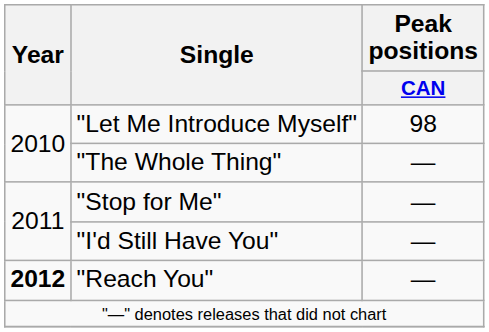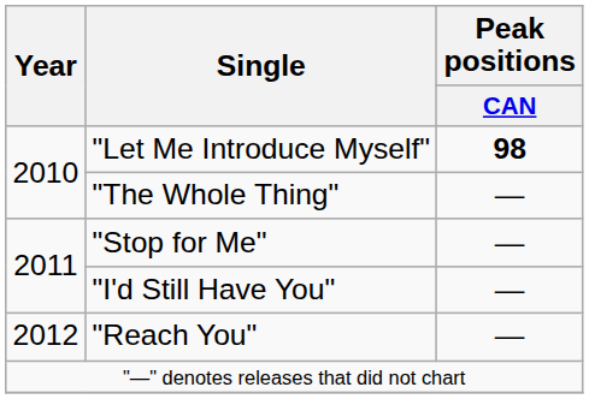 <table class="wikitable" style="text-align:center;">
 <tr>
 <th rowspan="2">Year</th>
 <th rowspan="2">Single</th>
 <th>Peak positions</th>
 </tr>
 <tr style="font-size:smaller;">
 <th width="65"><a href='#'>CAN</a></th>
 </tr>
 <tr>
 <td rowspan="2">2010</td>
 <td align="left">"Let Me Introduce Myself"</td>
-<td>98</td>
+<td><strong>98</strong></td>
 </tr>
 <tr>
 <td align="left">"The Whole Thing"</td>
 <td>—</td>
 </tr>
 <tr>
 <td rowspan="2">2011</td>
 <td align="left">"Stop for Me"</td>
 <td>—</td>
 </tr>
 <tr>
 <td align="left">"I'd Still Have You"</td>
 <td>—</td>
 </tr>
 <tr>
-<td><strong>2012</strong></td>
+<td>2012</td>
 <td align="left">"Reach You"</td>
 <td>—</td>
 </tr>
 <tr>
 <td colspan="3" style="font-size:8pt">"—" denotes releases that did not chart</td>
 </tr>
 <tr>
 </tr>
 </table>
